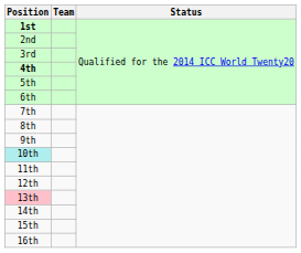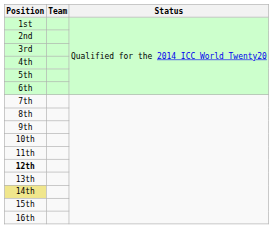 <table class="wikitable">
 <tr>
 <th>Position</th>
 <th>Team</th>
 <th>Status</th>
 </tr>
 <tr style="background:#cfc">
-<td style="text-align:center"><strong>1st</strong></td>
+<td style="text-align:center">1st</td>
 <td></td>
 <td rowspan="6">Qualified for the <a href='#'>2014 ICC World Twenty20</a></td>
 </tr>
 <tr style="background:#cfc">
 <td style="text-align:center">2nd</td>
 <td></td>
 </tr>
 <tr style="background:#cfc">
 <td style="text-align:center">3rd</td>
 <td></td>
 </tr>
 <tr style="background:#cfc">
-<td style="text-align:center"><strong>4th</strong></td>
+<td style="text-align:center">4th</td>
 <td></td>
 </tr>
 <tr style="background:#cfc">
 <td style="text-align:center">5th</td>
 <td></td>
 </tr>
 <tr style="background:#cfc">
 <td style="text-align:center">6th</td>
 <td></td>
 </tr>
 <tr rowspan="10" | Did not qualify>
 <td style="text-align:center">7th</td>
 <td></td>
 </tr>
 <tr>
 <td style="text-align:center">8th</td>
 <td></td>
 </tr>
 <tr>
 <td style="text-align:center">9th</td>
 <td></td>
 </tr>
 <tr>
-<td style="background: paleturquoise; text-align:center">10th</td>
+<td style="text-align:center">10th</td>
 <td></td>
 </tr>
 <tr>
 <td style="text-align:center">11th</td>
 <td></td>
 </tr>
 <tr>
-<td style="text-align:center">12th</td>
+<td style="text-align:center"><strong>12th</strong></td>
 <td></td>
 </tr>
 <tr>
-<td style="background: pink; text-align:center">13th</td>
+<td style="text-align:center">13th</td>
 <td></td>
 </tr>
 <tr>
-<td style="text-align:center">14th</td>
+<td style="background: khaki; text-align:center">14th</td>
 <td></td>
 </tr>
 <tr>
 <td style="text-align:center">15th</td>
 <td></td>
 </tr>
 <tr>
 <td style="text-align:center">16th</td>
 <td></td>
 </tr>
 </table>
